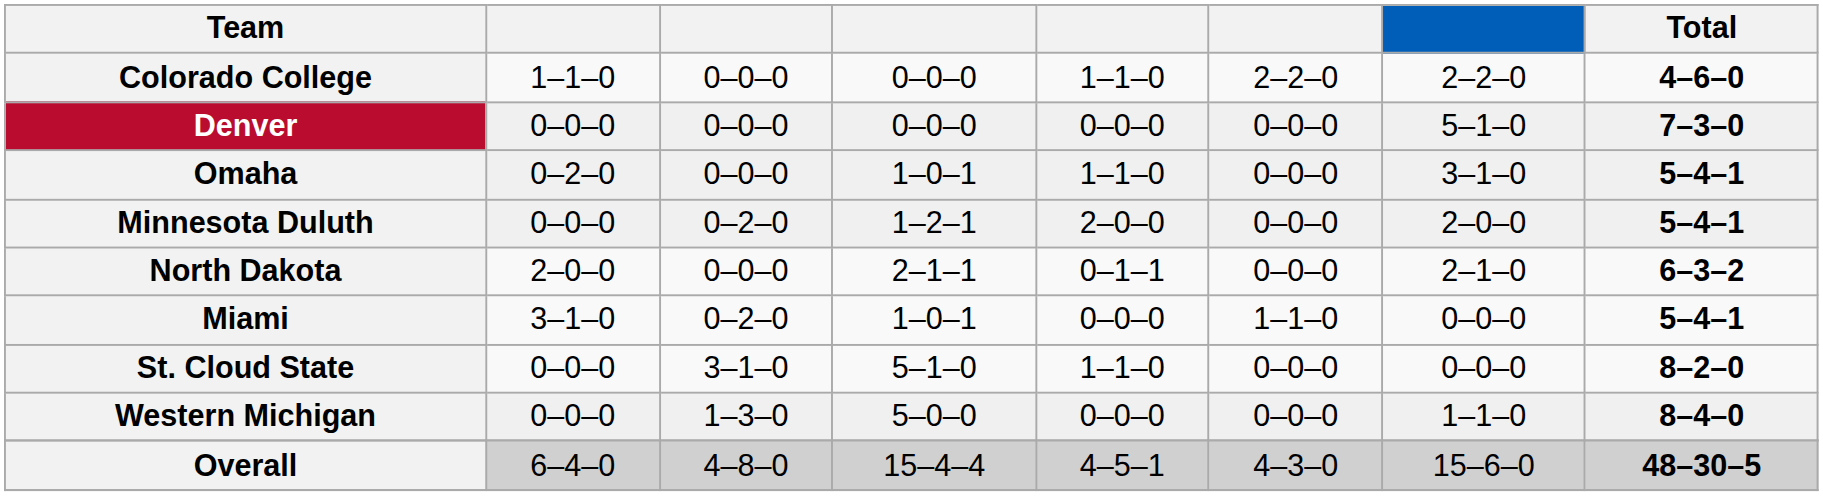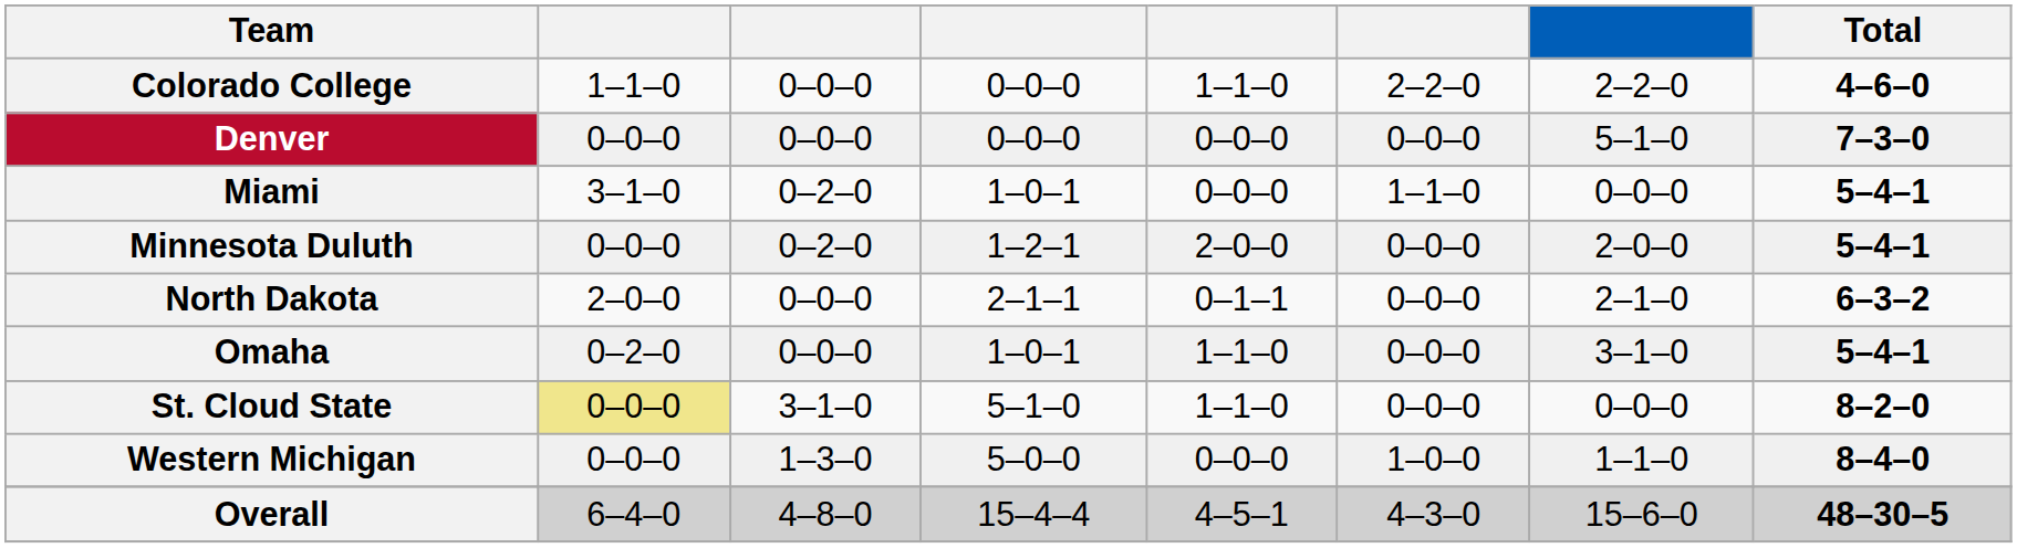 <table class="wikitable" style="text-align: center; "width=60%">
 <tr>
 <th>Team</th>
 <th><a href='#'></a></th>
 <th><a href='#'></a></th>
 <th><a href='#'></a></th>
 <th><a href='#'></a></th>
 <th><a href='#'></a></th>
 <th style="color:white; background:#005EB8"><a href='#'></a></th>
 <th>Total</th>
 </tr>
 <tr>
 <th>Colorado College</th>
 <td>1–1–0</td>
 <td>0–0–0</td>
 <td>0–0–0</td>
 <td>1–1–0</td>
 <td>2–2–0</td>
 <td>2–2–0</td>
 <td><strong>4–6–0</strong></td>
 </tr>
 <tr bgcolor=f0f0f0>
 <th style="color:white; background:#BA0C2F; ">Denver</th>
 <td>0–0–0</td>
 <td>0–0–0</td>
 <td>0–0–0</td>
 <td>0–0–0</td>
 <td>0–0–0</td>
 <td>5–1–0</td>
 <td><strong>7–3–0</strong></td>
 </tr>
-<tr bgcolor=f0f0f0>
-<th>Omaha</th>
+<tr>
+<th>Miami</th>
+<td>3–1–0</td>
 <td>0–2–0</td>
+<td>1–0–1</td>
 <td>0–0–0</td>
-<td>1–0–1</td>
 <td>1–1–0</td>
 <td>0–0–0</td>
-<td>3–1–0</td>
 <td><strong>5–4–1</strong></td>
 </tr>
 <tr bgcolor=f0f0f0>
 <th>Minnesota Duluth</th>
 <td>0–0–0</td>
 <td>0–2–0</td>
 <td>1–2–1</td>
 <td>2–0–0</td>
 <td>0–0–0</td>
 <td>2–0–0</td>
 <td><strong>5–4–1</strong></td>
 </tr>
 <tr>
 <th>North Dakota</th>
 <td>2–0–0</td>
 <td>0–0–0</td>
 <td>2–1–1</td>
 <td>0–1–1</td>
 <td>0–0–0</td>
 <td>2–1–0</td>
 <td><strong>6–3–2</strong></td>
 </tr>
-<tr>
-<th>Miami</th>
-<td>3–1–0</td>
+<tr bgcolor=f0f0f0>
+<th>Omaha</th>
 <td>0–2–0</td>
+<td>0–0–0</td>
 <td>1–0–1</td>
-<td>0–0–0</td>
 <td>1–1–0</td>
 <td>0–0–0</td>
+<td>3–1–0</td>
 <td><strong>5–4–1</strong></td>
 </tr>
 <tr>
 <th>St. Cloud State</th>
-<td>0–0–0</td>
+<td style="background: khaki;">0–0–0</td>
 <td>3–1–0</td>
 <td>5–1–0</td>
 <td>1–1–0</td>
 <td>0–0–0</td>
 <td>0–0–0</td>
 <td><strong>8–2–0</strong></td>
 </tr>
 <tr bgcolor=f0f0f0>
 <th>Western Michigan</th>
 <td>0–0–0</td>
 <td>1–3–0</td>
 <td>5–0–0</td>
 <td>0–0–0</td>
-<td>0–0–0</td>
+<td>1–0–0</td>
 <td>1–1–0</td>
 <td><strong>8–4–0</strong></td>
 </tr>
 <tr>
 </tr>
 <tr bgcolor=d0d0d0>
 <th>Overall</th>
 <td>6–4–0</td>
 <td>4–8–0</td>
 <td>15–4–4</td>
 <td>4–5–1</td>
 <td>4–3–0</td>
 <td>15–6–0</td>
 <td><strong>48–30–5</strong></td>
 </tr>
 <tr>
 </tr>
 </table>
